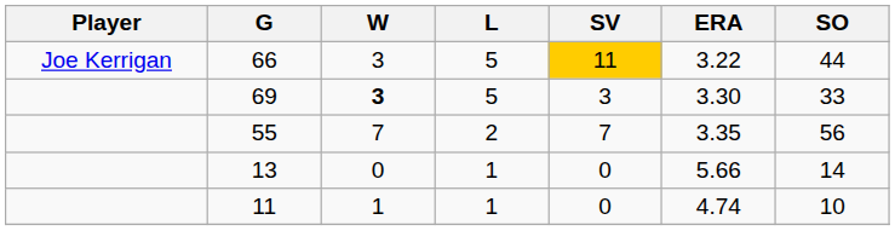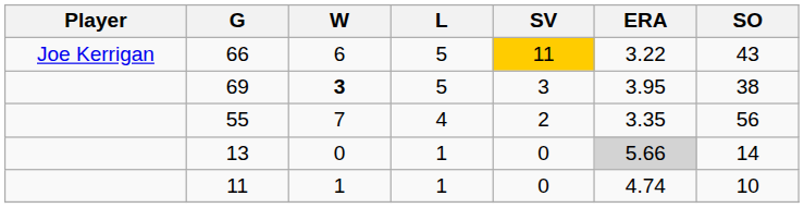 <table class="wikitable sortable">
 <tr>
 <th bgcolor="#DDDDFF" width="16%">Player</th>
 <th bgcolor="#DDDDFF" width="9%">G</th>
 <th bgcolor="#DDDDFF" width="9%">W</th>
 <th bgcolor="#DDDDFF" width="9%">L</th>
 <th bgcolor="#DDDDFF" width="9%">SV</th>
 <th bgcolor="#DDDDFF" width="9%">ERA</th>
 <th bgcolor="#DDDDFF" width="9%">SO</th>
 </tr>
 <tr align="center">
 <td><a href='#'>Joe Kerrigan</a></td>
 <td>66</td>
-<td>3</td>
+<td>6</td>
 <td>5</td>
 <td style="background:#fc0;">11</td>
 <td>3.22</td>
-<td>44</td>
+<td>43</td>
 </tr>
 <tr align=center>
 <td></td>
 <td>69</td>
 <td><strong>3</strong></td>
 <td>5</td>
 <td>3</td>
-<td>3.30</td>
-<td>33</td>
+<td>3.95</td>
+<td>38</td>
 </tr>
 <tr align="center">
 <td></td>
 <td>55</td>
 <td>7</td>
+<td>4</td>
 <td>2</td>
-<td>7</td>
 <td>3.35</td>
 <td>56</td>
 </tr>
 <tr align="center">
 <td></td>
 <td>13</td>
 <td>0</td>
 <td>1</td>
 <td>0</td>
-<td>5.66</td>
+<td style="background: lightgrey;">5.66</td>
 <td>14</td>
 </tr>
 <tr align="center">
 <td></td>
 <td>11</td>
 <td>1</td>
 <td>1</td>
 <td>0</td>
 <td>4.74</td>
 <td>10</td>
 </tr>
 <tr align="center">
 </tr>
 </table>
